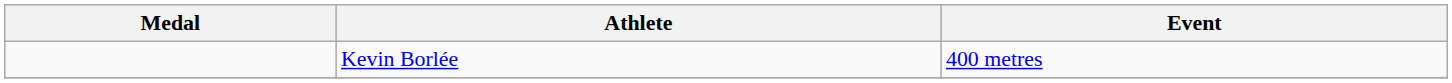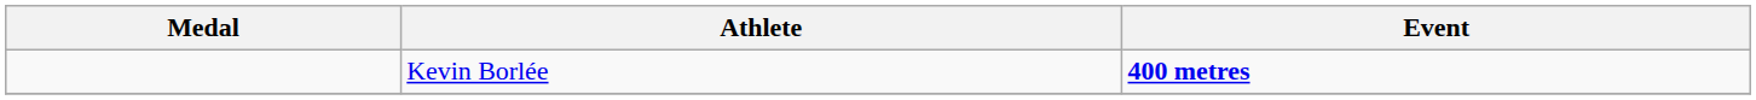 <table class="wikitable" style="font-size:90%" width=60%>
 <tr>
 <th>Medal</th>
 <th>Athlete</th>
 <th>Event</th>
 </tr>
 <tr>
 <td></td>
 <td><a href='#'>Kevin Borlée</a></td>
-<td><a href='#'>400 metres</a></td>
+<td><strong><a href='#'>400 metres</a></strong></td>
 </tr>
 <tr>
 </tr>
 </table>
